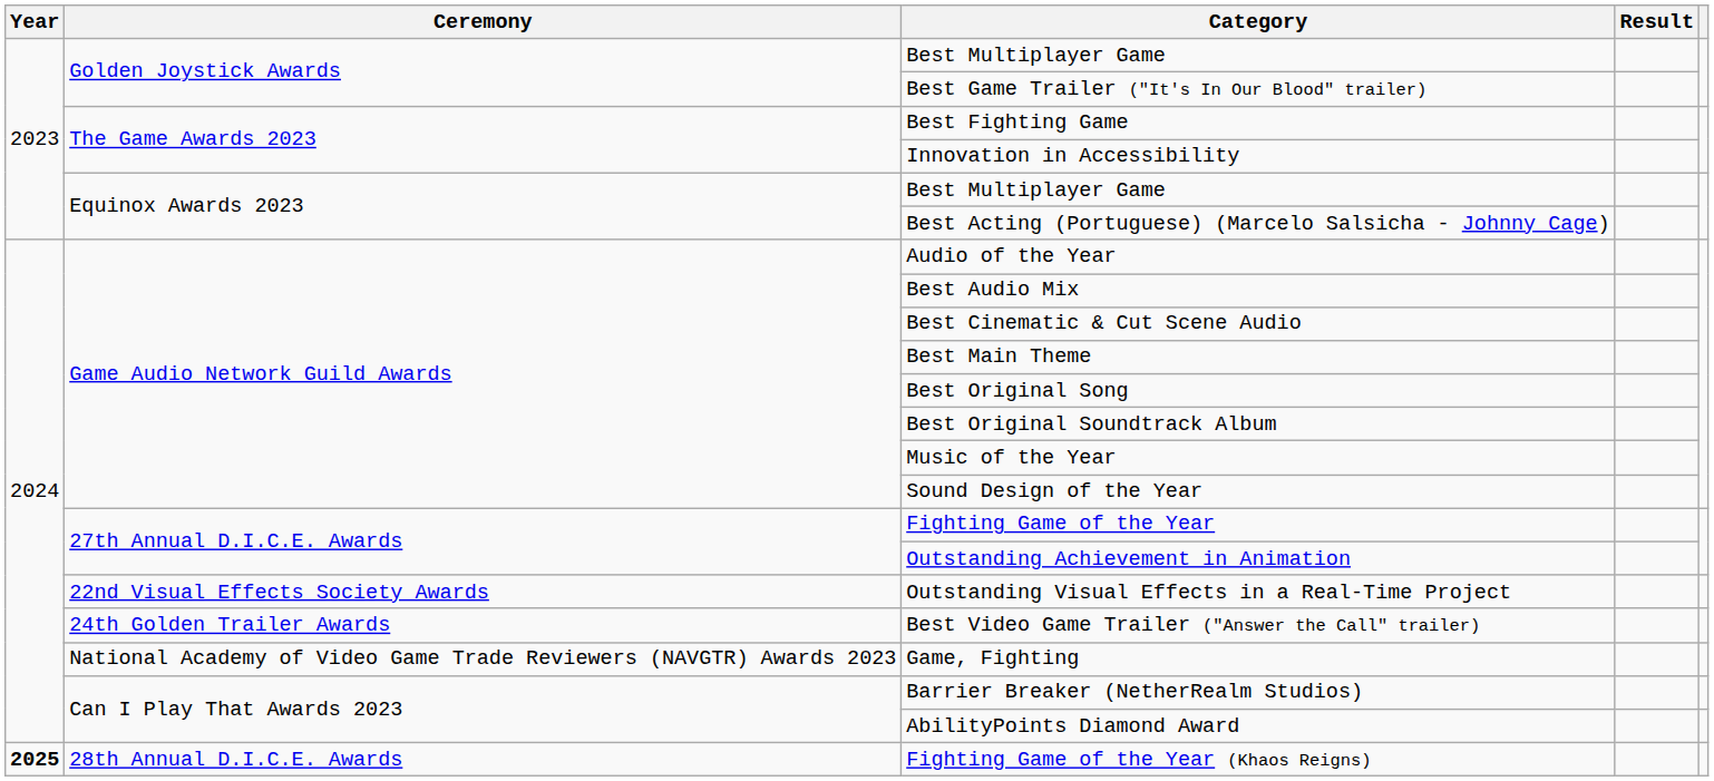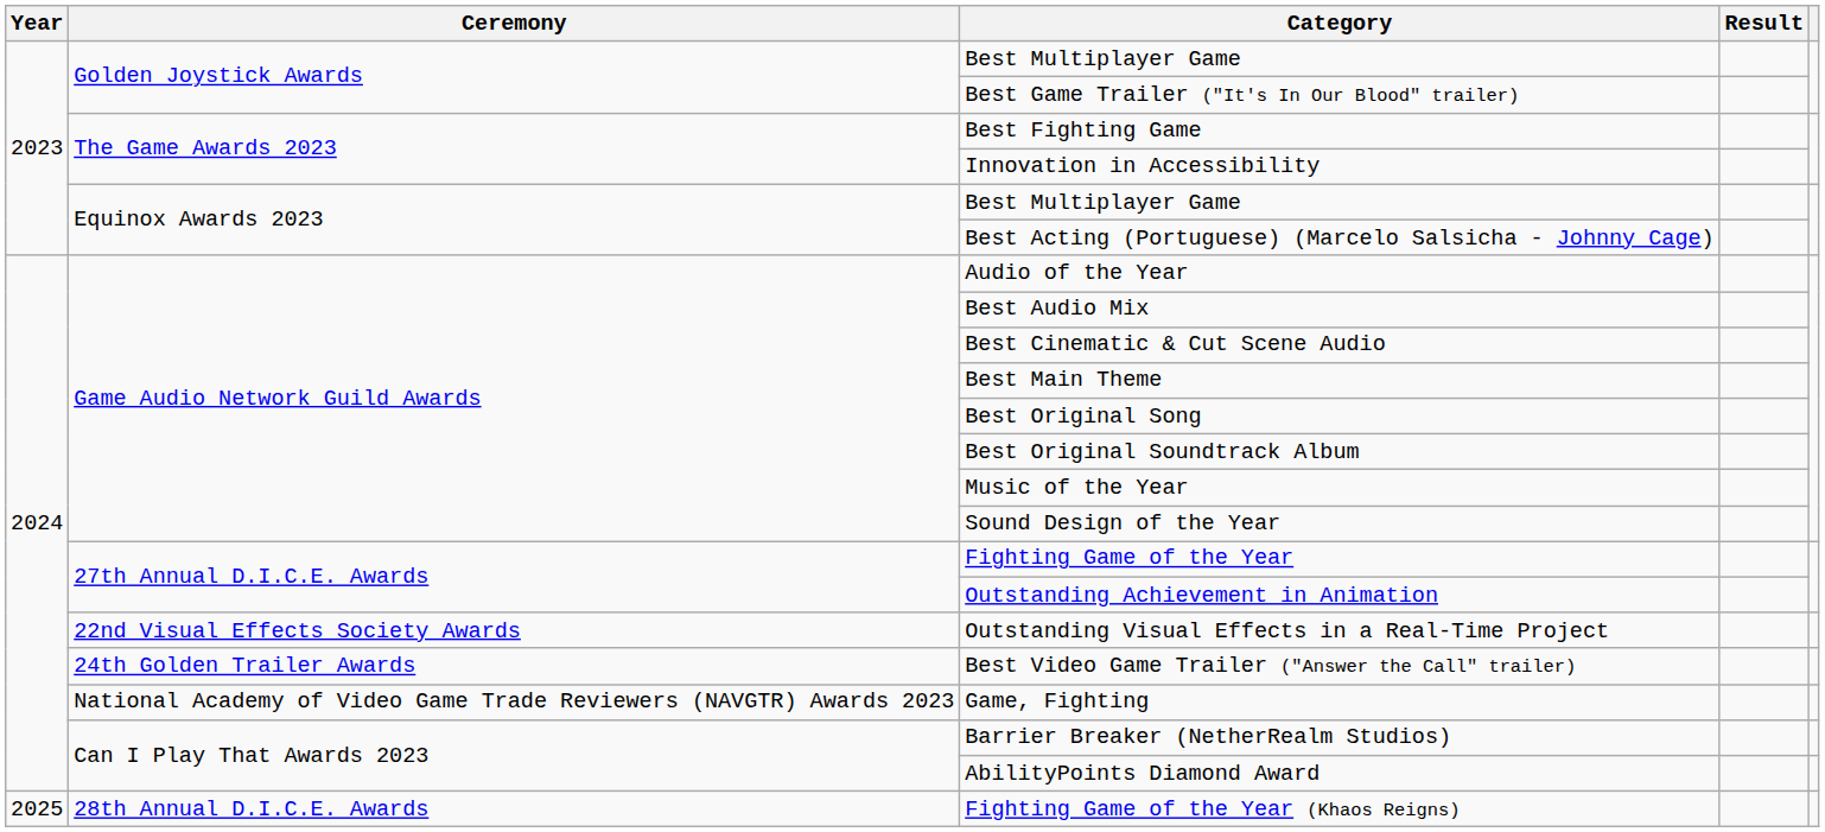 <table class="wikitable plainrowheaders sortable" width="auto">
 <tr>
 <th scope="col">Year</th>
 <th scope="col">Ceremony</th>
 <th scope="col">Category</th>
 <th scope="col">Result</th>
 <th scope="col" class="unsortable"></th>
 </tr>
 <tr>
 <td rowspan="6" style="text-align:center;">2023</td>
 <td rowspan="2"><a href='#'>Golden Joystick Awards</a></td>
 <td>Best Multiplayer Game</td>
 <td></td>
 <td style="text-align:center;" rowspan="2"></td>
 </tr>
 <tr>
 <td>Best Game Trailer <small>("It's In Our Blood" trailer)</small></td>
 <td></td>
 </tr>
 <tr>
 <td rowspan="2"><a href='#'>The Game Awards 2023</a></td>
 <td>Best Fighting Game</td>
 <td></td>
 <td style="text-align:center;" rowspan="2"></td>
 </tr>
 <tr>
 <td>Innovation in Accessibility</td>
 <td></td>
 </tr>
 <tr>
 <td rowspan="2">Equinox Awards 2023</td>
 <td>Best Multiplayer Game</td>
 <td></td>
 <td style="text-align:center;" rowspan="2"></td>
 </tr>
 <tr>
 <td>Best Acting (Portuguese) (Marcelo Salsicha - <a href='#'>Johnny Cage</a>)</td>
 <td></td>
 </tr>
 <tr>
 <td rowspan="15" style="text-align:center;">2024</td>
 <td rowspan="8"><a href='#'>Game Audio Network Guild Awards</a></td>
 <td>Audio of the Year</td>
 <td></td>
 <td rowspan="8" style="text-align:center;"></td>
 </tr>
 <tr>
 <td>Best Audio Mix</td>
 <td></td>
 </tr>
 <tr>
 <td>Best Cinematic & Cut Scene Audio</td>
 <td></td>
 </tr>
 <tr>
 <td>Best Main Theme</td>
 <td></td>
 </tr>
 <tr>
 <td>Best Original Song</td>
 <td></td>
 </tr>
 <tr>
 <td>Best Original Soundtrack Album</td>
 <td></td>
 </tr>
 <tr>
 <td>Music of the Year</td>
 <td></td>
 </tr>
 <tr>
 <td>Sound Design of the Year</td>
 <td></td>
 </tr>
 <tr>
 <td rowspan="2"><a href='#'>27th Annual D.I.C.E. Awards</a></td>
 <td><a href='#'>Fighting Game of the Year</a></td>
 <td></td>
 <td style="text-align:center;" rowspan="2"></td>
 </tr>
 <tr>
 <td><a href='#'>Outstanding Achievement in Animation</a></td>
 <td></td>
 </tr>
 <tr>
 <td><a href='#'>22nd Visual Effects Society Awards</a></td>
 <td>Outstanding Visual Effects in a Real-Time Project</td>
 <td></td>
 <td style="text-align:center;"></td>
 </tr>
 <tr>
 <td><a href='#'>24th Golden Trailer Awards</a></td>
 <td>Best Video Game Trailer <small>("Answer the Call" trailer)</small></td>
 <td></td>
 <td style="text-align:center;"></td>
 </tr>
 <tr>
 <td>National Academy of Video Game Trade Reviewers (NAVGTR) Awards 2023</td>
 <td>Game, Fighting</td>
 <td></td>
 <td style="text-align:center;"></td>
 </tr>
 <tr>
 <td rowspan="2">Can I Play That Awards 2023</td>
 <td>Barrier Breaker (NetherRealm Studios)</td>
 <td></td>
 <td style="text-align:center;" rowspan="1"></td>
 </tr>
 <tr>
 <td>AbilityPoints Diamond Award</td>
 <td></td>
 <td style="text-align:center;" rowspan="1"></td>
 </tr>
 <tr>
-<td style="text-align:center;"><strong>2025</strong></td>
+<td style="text-align:center;">2025</td>
 <td><a href='#'>28th Annual D.I.C.E. Awards</a></td>
 <td><a href='#'>Fighting Game of the Year</a> <small>(Khaos Reigns)</small></td>
 <td></td>
 <td style="text-align:center;"></td>
 </tr>
 </table>
